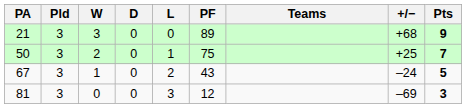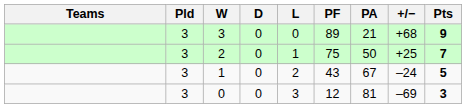 <table class="wikitable" style="text-align: center;">
 <tr>
-<th width="40">PA</th>
+<th width="200">Teams</th>
 <th width="40">Pld</th>
 <th width="40">W</th>
 <th width="40">D</th>
 <th width="40">L</th>
 <th width="40">PF</th>
-<th width="200">Teams</th>
+<th width="40">PA</th>
 <th width="40">+/−</th>
 <th width="40">Pts</th>
 </tr>
 <tr bgcolor=ccffcc>
-<td>21</td>
+<td align=left></td>
 <td>3</td>
 <td>3</td>
 <td>0</td>
 <td>0</td>
 <td>89</td>
-<td align=left></td>
+<td>21</td>
 <td>+68</td>
 <td><strong>9</strong></td>
 </tr>
 <tr bgcolor=ccffcc>
-<td>50</td>
+<td align=left></td>
 <td>3</td>
 <td>2</td>
 <td>0</td>
 <td>1</td>
 <td>75</td>
-<td align=left></td>
+<td>50</td>
 <td>+25</td>
 <td><strong>7</strong></td>
 </tr>
 <tr>
-<td>67</td>
+<td align=left></td>
 <td>3</td>
 <td>1</td>
 <td>0</td>
 <td>2</td>
 <td>43</td>
-<td align=left></td>
+<td>67</td>
 <td>–24</td>
 <td><strong>5</strong></td>
 </tr>
 <tr>
-<td>81</td>
+<td align=left></td>
 <td>3</td>
 <td>0</td>
 <td>0</td>
 <td>3</td>
 <td>12</td>
-<td align=left></td>
+<td>81</td>
 <td>–69</td>
 <td><strong>3</strong></td>
 </tr>
 </table>
